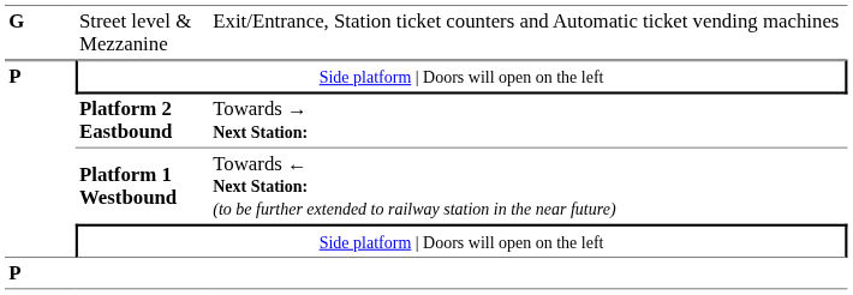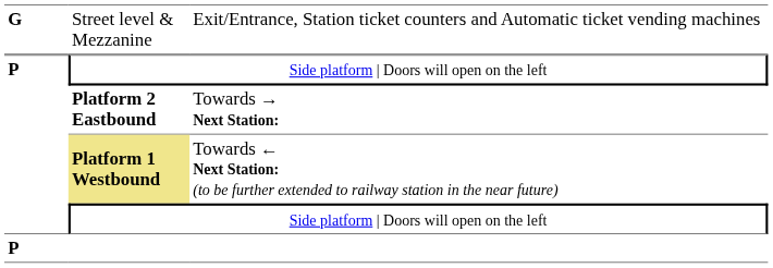 <table table border=0 cellspacing=0 cellpadding=3>
 <tr>
 <td style="border-bottom:solid 1px gray;border-top:solid 1px gray;" width=50 valign=top><strong>G</strong></td>
 <td style="border-top:solid 1px gray;border-bottom:solid 1px gray;" width=100 valign=top>Street level & Mezzanine</td>
 <td style="border-top:solid 1px gray;border-bottom:solid 1px gray;" width=500 valign=top>Exit/Entrance, Station ticket counters and Automatic ticket vending machines</td>
 </tr>
 <tr>
 <td style="border-top:solid 1px gray;border-bottom:solid 1px gray;" width=50 rowspan=4 valign=top><strong>P</strong></td>
 <td style="border-top:solid 1px gray;border-right:solid 2px black;border-left:solid 2px black;border-bottom:solid 2px black;text-align:center;" colspan=2><small><a href='#'>Side platform</a> | Doors will open on the left </small></td>
 </tr>
 <tr>
 <td style="border-bottom:solid 1px gray;" width=100><span><strong>Platform 2</strong><br><strong>Eastbound</strong></span></td>
 <td style="border-bottom:solid 1px gray;" width=500>Towards → <br><small><strong>Next Station:</strong> </small></td>
 </tr>
 <tr>
-<td><span><strong>Platform 1</strong><br><strong>Westbound</strong></span></td>
+<td style="background: khaki;"><span><strong>Platform 1</strong><br><strong>Westbound</strong></span></td>
 <td>Towards ← <br><small><strong>Next Station:</strong> </small><br><small><em>(to be further extended to <strong></strong> railway station in the near future)</em></small></td>
 </tr>
 <tr>
 <td style="border-top:solid 2px black;border-right:solid 2px black;border-left:solid 2px black;border-bottom:solid 1px gray;" colspan=2  align=center><small><a href='#'>Side platform</a> | Doors will open on the left </small></td>
 </tr>
 <tr>
 <td style="border-bottom:solid 1px gray;" width=50 rowspan=2 valign=top><strong>P</strong></td>
 <td style="border-bottom:solid 1px gray;" width=100></td>
 <td style="border-bottom:solid 1px gray;" width=500></td>
 </tr>
 <tr>
 </tr>
 </table>
